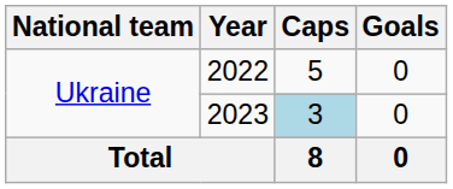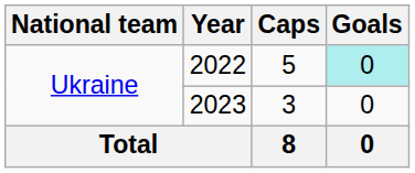 <table class="wikitable" style="text-align: center;">
 <tr>
 <th>National team</th>
 <th>Year</th>
 <th>Caps</th>
 <th>Goals</th>
 </tr>
 <tr>
 <td rowspan="2"><a href='#'>Ukraine</a></td>
 <td>2022</td>
 <td>5</td>
-<td>0</td>
+<td style="background: paleturquoise;">0</td>
 </tr>
 <tr>
 <td>2023</td>
-<td style="background: lightblue;">3</td>
+<td>3</td>
 <td>0</td>
 </tr>
 <tr>
 <th colspan="2">Total</th>
 <th>8</th>
 <th>0</th>
 </tr>
 </table>
